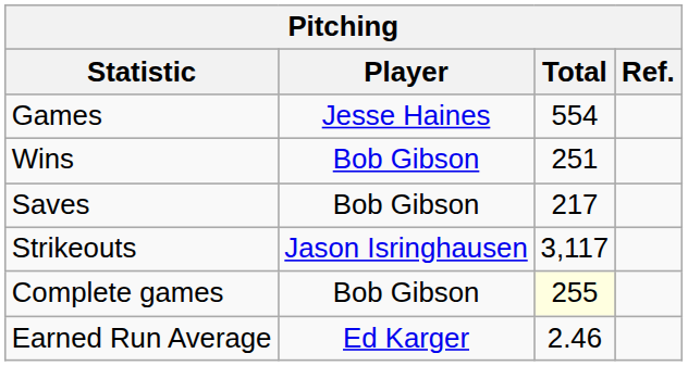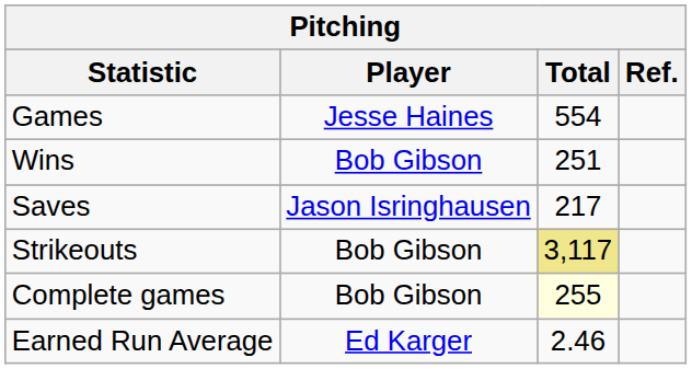 <table class="wikitable" style="text-align:center">
 <tr>
 <th colspan=5>Pitching</th>
 </tr>
 <tr>
 <th align="left">Statistic</th>
 <th>Player</th>
 <th>Total</th>
 <th>Ref.</th>
 </tr>
 <tr>
 <td align="left">Games</td>
 <td><a href='#'>Jesse Haines</a></td>
 <td>554</td>
 <td></td>
 </tr>
 <tr>
 <td align="left">Wins</td>
 <td><a href='#'>Bob Gibson</a></td>
 <td>251</td>
 <td></td>
 </tr>
 <tr>
 <td align="left">Saves</td>
-<td>Bob Gibson</td>
+<td><a href='#'>Jason Isringhausen</a></td>
 <td>217</td>
 <td></td>
 </tr>
 <tr>
 <td align="left">Strikeouts</td>
-<td><a href='#'>Jason Isringhausen</a></td>
-<td>3,117</td>
+<td>Bob Gibson</td>
+<td style="background: khaki;">3,117</td>
 <td></td>
 </tr>
 <tr>
 <td align="left">Complete games</td>
 <td>Bob Gibson</td>
 <td style="background: lightyellow;">255</td>
 <td></td>
 </tr>
 <tr>
 <td align="left">Earned Run Average<br></td>
 <td><a href='#'>Ed Karger</a></td>
 <td>2.46</td>
 <td></td>
 </tr>
 </table>
